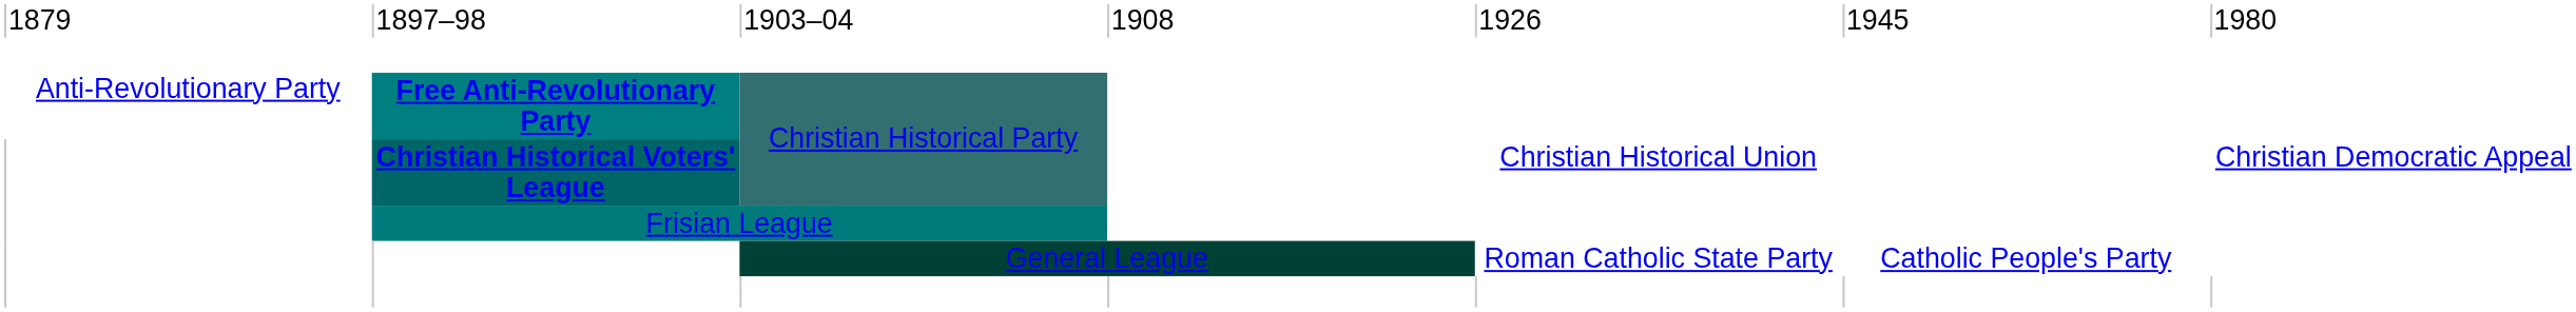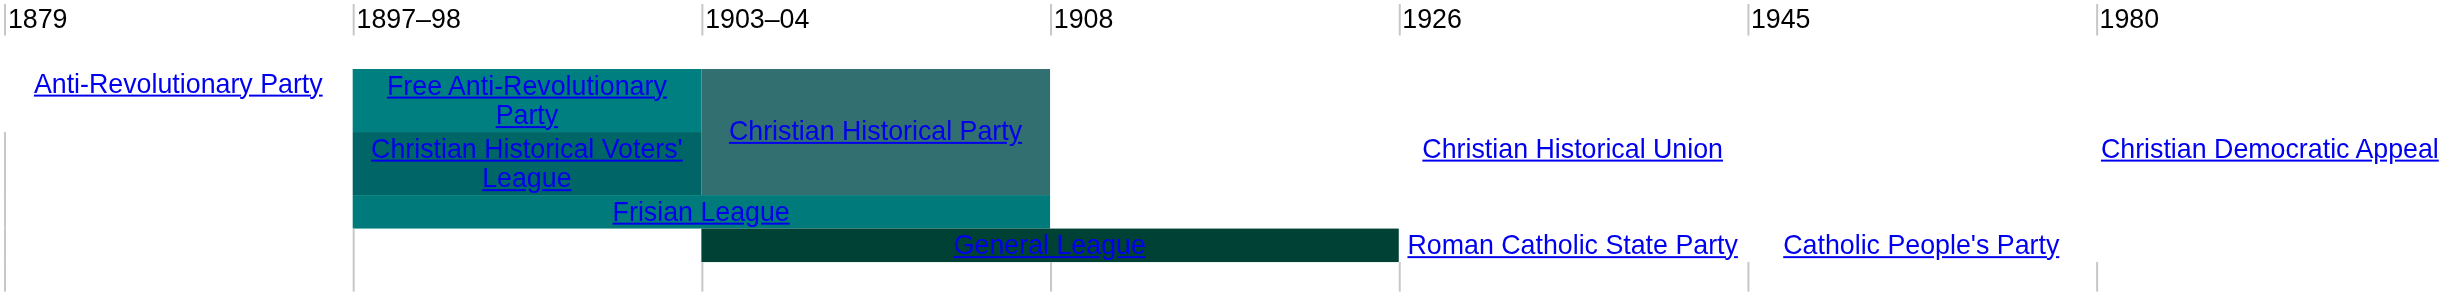 <table width="100%" cellspacing="0" style="font-size:85%; text-align:center">
 <tr style="vertical-align:top; line-height:1.0em; text-align:left">
 <td width="14%" style="border-left:1px solid #C7C7C7">1879</td>
 <td width="14%" style="border-left:1px solid #C7C7C7">1897–98</td>
 <td width="14%" style="border-left:1px solid #C7C7C7">1903–04</td>
 <td width="14%" style="border-left:1px solid #C7C7C7">1908</td>
 <td width="14%" style="border-left:1px solid #C7C7C7">1926</td>
 <td width="14%" style="border-left:1px solid #C7C7C7">1945</td>
 <td width="14%" style="border-left:1px solid #C7C7C7">1980</td>
 <td width="2%"></td>
 </tr>
 <tr>
 <td rowspan="2" style="background:"><a href='#'><span>Anti-Revolutionary Party</span></a></td>
 <td colspan="5" style="background:"> </td>
 <td rowspan="5" style="background:"><a href='#'><span>Christian Democratic Appeal</span></a></td>
 <td rowspan="5" style="background-image: linear-gradient(to right, "></td>
 </tr>
 <tr>
-<td style="background:#007f80"><strong><a href='#'><span>Free Anti-Revolutionary Party</span></a></strong></td>
+<td style="background:#007f80"><a href='#'><span>Free Anti-Revolutionary Party</span></a></td>
 <td rowspan="2" style="background:#326f70"><a href='#'><span>Christian Historical Party</span></a></td>
 <td rowspan="3" colspan="3" style="background:"><a href='#'><span>Christian Historical Union</span></a></td>
 </tr>
 <tr>
 <td style="border-left:1px solid #C7C7C7"> </td>
-<td style="background:#006566"><strong><a href='#'><span>Christian Historical Voters' League</span></a></strong></td>
+<td style="background:#006566"><a href='#'><span>Christian Historical Voters' League</span></a></td>
 </tr>
 <tr>
 <td style="border-left:1px solid #C7C7C7"> </td>
 <td colspan="2" style="background:#007a7b"><a href='#'><span>Frisian League</span></a></td>
 </tr>
 <tr>
 <td style="border-left:1px solid #C7C7C7"> </td>
 <td style="border-left:1px solid #C7C7C7"> </td>
 <td colspan="2" style="background:#004135"><a href='#'><span>General League</span></a></td>
 <td style="background:"><a href='#'><span>Roman Catholic State Party</span></a></td>
 <td style="background:"><a href='#'><span>Catholic People's Party</span></a></td>
 </tr>
 <tr style="line-height:1em">
 <td style="border-left:1px solid #C7C7C7"> </td>
 <td style="border-left:1px solid #C7C7C7"> </td>
 <td style="border-left:1px solid #C7C7C7"> </td>
 <td style="border-left:1px solid #C7C7C7"> </td>
 <td style="border-left:1px solid #C7C7C7"> </td>
 <td style="border-left:1px solid #C7C7C7"> </td>
 <td style="border-left:1px solid #C7C7C7"> </td>
 </tr>
 </table>
